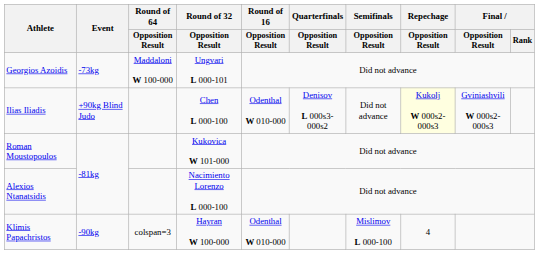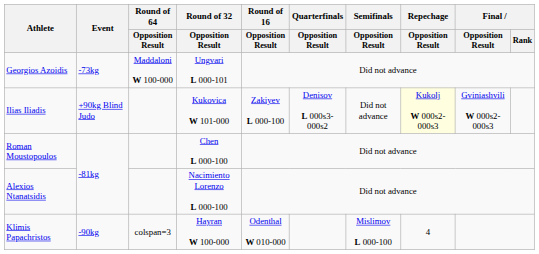 <table class="wikitable" style="font-size:90%">
 <tr>
 <th rowspan=2>Athlete</th>
 <th rowspan=2>Event</th>
 <th>Round of 64</th>
 <th>Round of 32</th>
 <th>Round of 16</th>
 <th>Quarterfinals</th>
 <th>Semifinals</th>
 <th>Repechage</th>
 <th colspan=2>Final / </th>
 </tr>
 <tr style="font-size:95%">
 <th>Opposition<br>Result</th>
 <th>Opposition<br>Result</th>
 <th>Opposition<br>Result</th>
 <th>Opposition<br>Result</th>
 <th>Opposition<br>Result</th>
 <th>Opposition<br>Result</th>
 <th>Opposition<br>Result</th>
 <th>Rank</th>
 </tr>
 <tr align=center>
 <td align=left><a href='#'>Georgios Azoidis</a></td>
 <td align=left><a href='#'>-73kg</a></td>
 <td><a href='#'>Maddaloni</a><br><br><strong>W</strong> 100-000</td>
 <td><a href='#'>Ungvari</a><br><br><strong>L</strong> 000-101</td>
 <td colspan=6>Did not advance</td>
 </tr>
 <tr align=center>
 <td align=left><a href='#'>Ilias Iliadis</a></td>
 <td align=left><a href='#'>+90kg Blind Judo</a></td>
 <td></td>
-<td><a href='#'>Chen</a><br><br><strong>L</strong> 000-100</td>
-<td><a href='#'>Odenthal</a><br><br><strong>W</strong> 010-000</td>
+<td><a href='#'>Kukovica</a><br><br><strong>W</strong> 101-000</td>
+<td><a href='#'>Zakiyev</a><br><br><strong>L</strong> 000-100</td>
 <td><a href='#'>Denisov</a><br><br><strong>L</strong> 000s3-000s2</td>
 <td>Did not advance</td>
 <td style="background: lightyellow;"><a href='#'>Kukolj</a><br><br><strong>W</strong> 000s2-000s3</td>
 <td><a href='#'>Gviniashvili</a><br><br><strong>W</strong> 000s2-000s3</td>
 <td></td>
 </tr>
 <tr align=center>
 <td align=left><a href='#'>Roman Moustopoulos</a></td>
 <td align=left rowspan=2><a href='#'>-81kg</a></td>
 <td></td>
-<td><a href='#'>Kukovica</a><br><br><strong>W</strong> 101-000</td>
+<td><a href='#'>Chen</a><br><br><strong>L</strong> 000-100</td>
 <td colspan=6>Did not advance</td>
 </tr>
 <tr align=center>
 <td align=left><a href='#'>Alexios Ntanatsidis</a></td>
 <td></td>
 <td><a href='#'>Nacimiento Lorenzo</a><br><br><strong>L</strong> 000-100</td>
 <td colspan=6>Did not advance</td>
 </tr>
 <tr align=center>
 <td align=left><a href='#'>Klimis Papachristos</a></td>
 <td align=left><a href='#'>-90kg</a></td>
 <td>colspan=3 </td>
 <td><a href='#'>Hayran</a><br><br><strong>W</strong> 100-000</td>
 <td><a href='#'>Odenthal</a><br><br><strong>W</strong> 010-000</td>
 <td></td>
 <td><a href='#'>Mislimov</a><br><br><strong>L</strong> 000-100</td>
 <td>4</td>
 </tr>
 </table>
